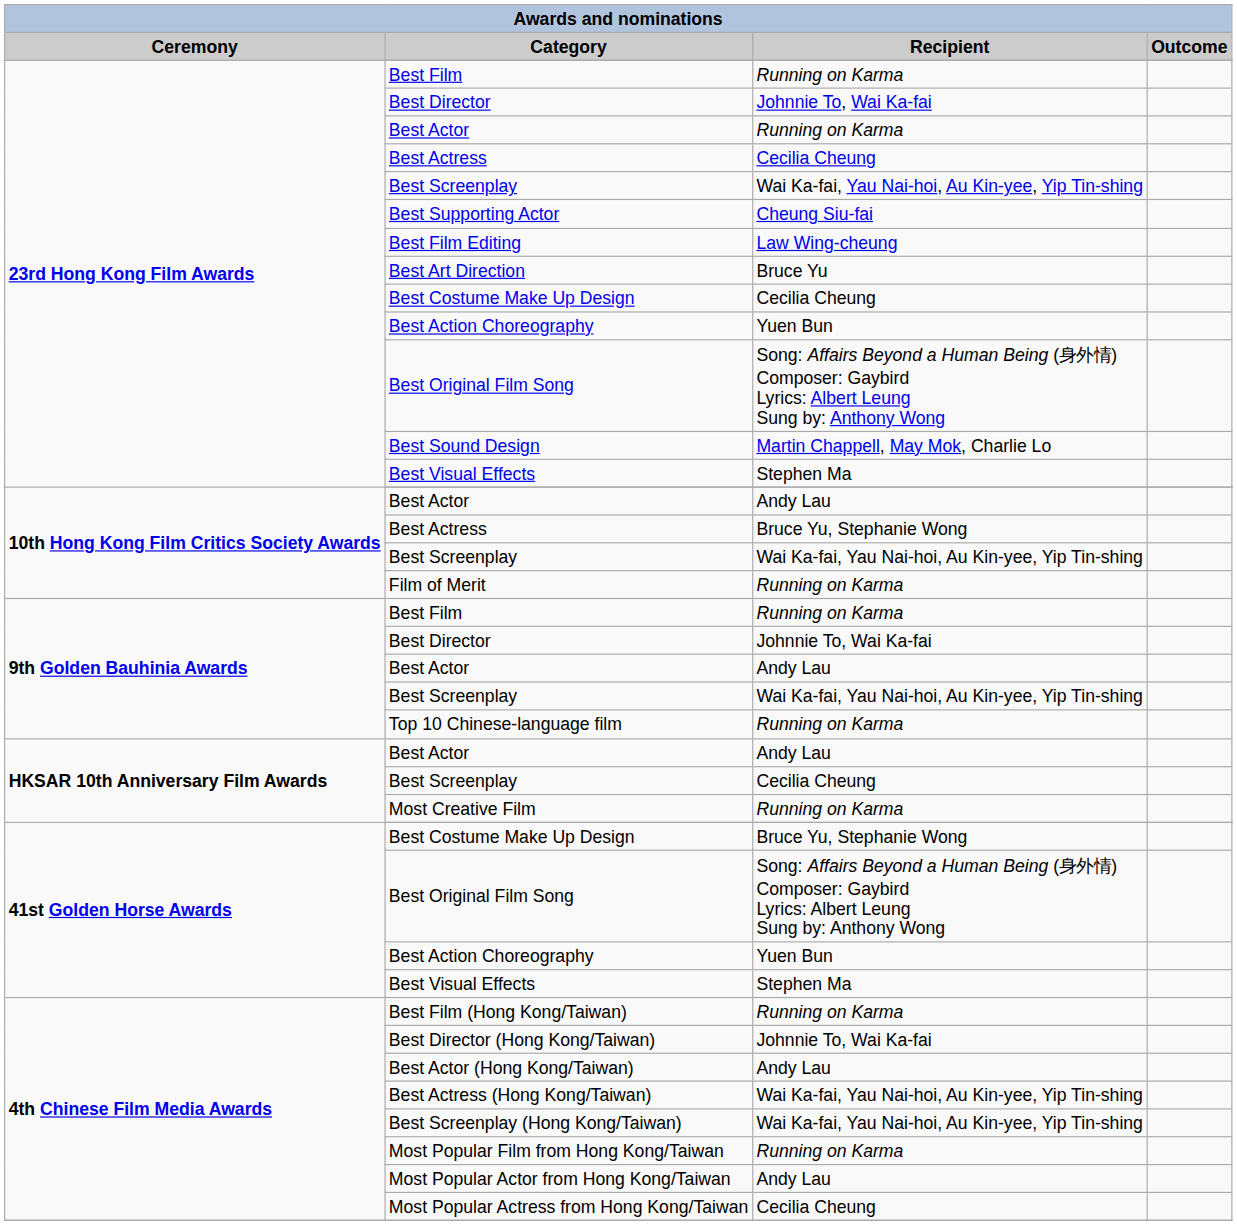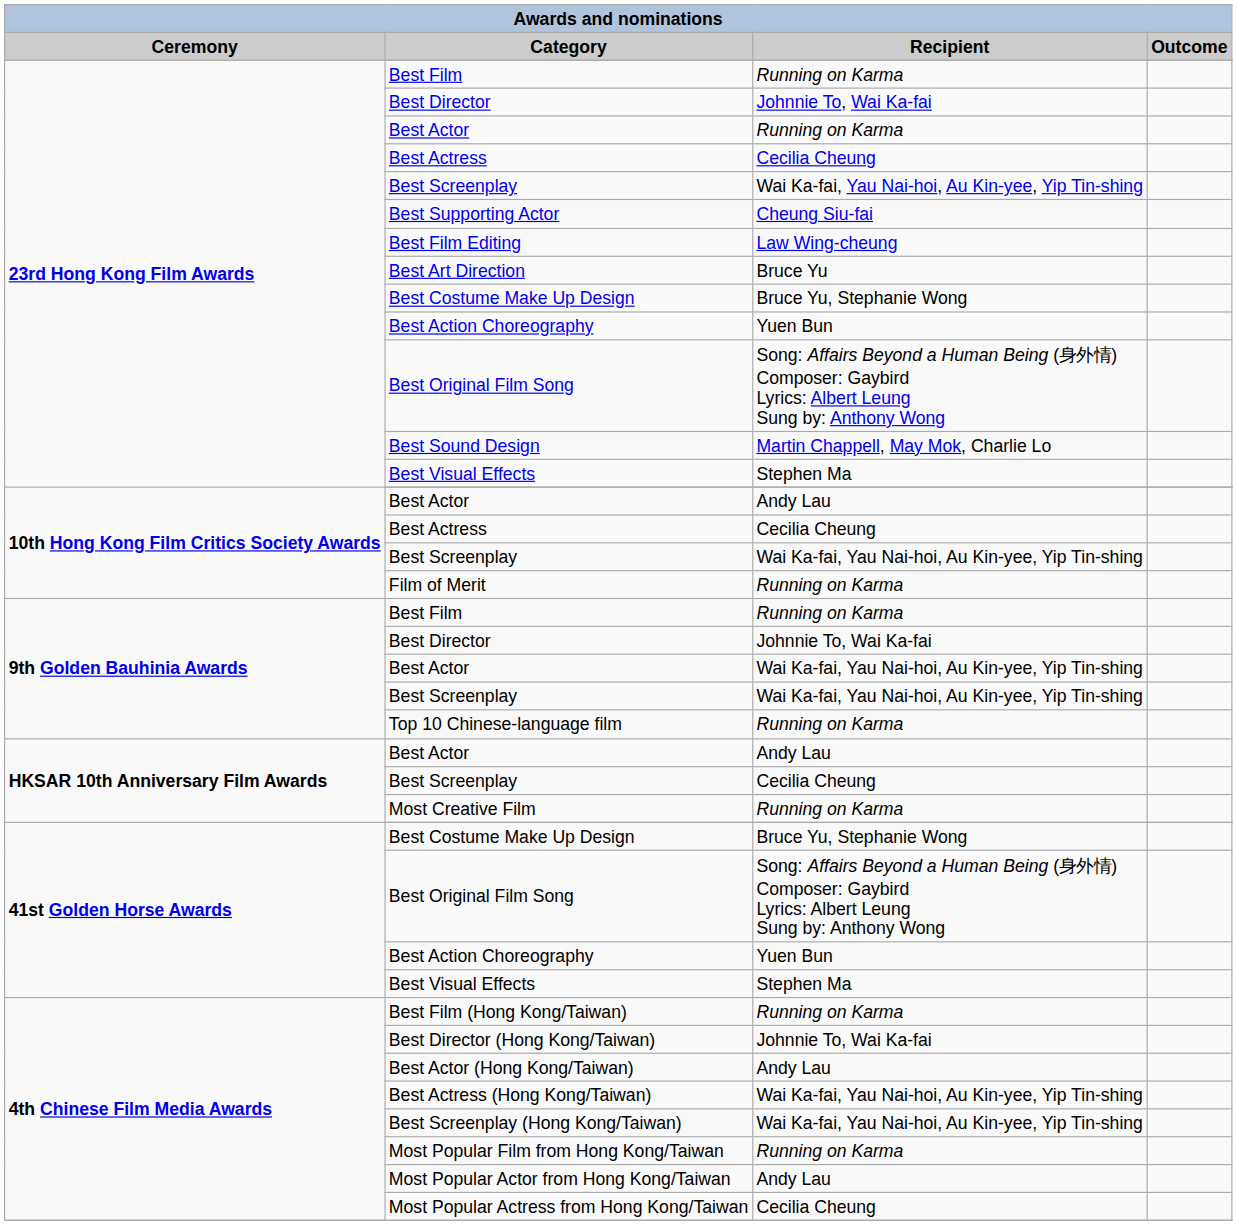 <table class="wikitable" style="font-size:95%;" ;>
 <tr style="background:#ccc; text-align:center;">
 <th colspan="4" style="background: LightSteelBlue;">Awards and nominations</th>
 </tr>
 <tr style="background:#ccc; text-align:center;">
 <th style="background:#ccc">Ceremony</th>
 <th style="background:#ccc">Category</th>
 <th style="background:#ccc">Recipient</th>
 <th style="background:#ccc">Outcome</th>
 </tr>
 <tr>
 <td rowspan=14><strong><a href='#'>23rd Hong Kong Film Awards</a></strong></td>
 </tr>
 <tr>
 <td><a href='#'>Best Film</a></td>
 <td><em>Running on Karma</em></td>
 <td></td>
 </tr>
 <tr>
 <td><a href='#'>Best Director</a></td>
 <td><a href='#'>Johnnie To</a>, <a href='#'>Wai Ka-fai</a></td>
 <td></td>
 </tr>
 <tr>
 <td><a href='#'>Best Actor</a></td>
 <td><em>Running on Karma</em></td>
 <td></td>
 </tr>
 <tr>
 <td><a href='#'>Best Actress</a></td>
 <td><a href='#'>Cecilia Cheung</a></td>
 <td></td>
 </tr>
 <tr>
 <td><a href='#'>Best Screenplay</a></td>
 <td>Wai Ka-fai, <a href='#'>Yau Nai-hoi</a>, <a href='#'>Au Kin-yee</a>, <a href='#'>Yip Tin-shing</a></td>
 <td></td>
 </tr>
 <tr>
 <td><a href='#'>Best Supporting Actor</a></td>
 <td><a href='#'>Cheung Siu-fai</a></td>
 <td></td>
 </tr>
 <tr>
 <td><a href='#'>Best Film Editing</a></td>
 <td><a href='#'>Law Wing-cheung</a></td>
 <td></td>
 </tr>
 <tr>
 <td><a href='#'>Best Art Direction</a></td>
 <td>Bruce Yu</td>
 <td></td>
 </tr>
 <tr>
 <td><a href='#'>Best Costume Make Up Design</a></td>
-<td>Cecilia Cheung</td>
+<td>Bruce Yu, Stephanie Wong</td>
 <td></td>
 </tr>
 <tr>
 <td><a href='#'>Best Action Choreography</a></td>
 <td>Yuen Bun</td>
 <td></td>
 </tr>
 <tr>
 <td><a href='#'>Best Original Film Song</a></td>
 <td>Song: <em>Affairs Beyond a Human Being</em> (身外情)<br>Composer: Gaybird <br>Lyrics: <a href='#'>Albert Leung</a> <br>Sung by: <a href='#'>Anthony Wong</a></td>
 <td></td>
 </tr>
 <tr>
 <td><a href='#'>Best Sound Design</a></td>
 <td><a href='#'>Martin Chappell</a>, <a href='#'>May Mok</a>, Charlie Lo</td>
 <td></td>
 </tr>
 <tr>
 <td><a href='#'>Best Visual Effects</a></td>
 <td>Stephen Ma</td>
 <td></td>
 </tr>
 <tr>
 <td rowspan=5><strong>10th <a href='#'>Hong Kong Film Critics Society Awards</a></strong></td>
 </tr>
 <tr>
 <td>Best Actor</td>
 <td>Andy Lau</td>
 <td></td>
 </tr>
 <tr>
 <td>Best Actress</td>
-<td>Bruce Yu, Stephanie Wong</td>
+<td>Cecilia Cheung</td>
 <td></td>
 </tr>
 <tr>
 <td>Best Screenplay</td>
 <td>Wai Ka-fai, Yau Nai-hoi, Au Kin-yee, Yip Tin-shing</td>
 <td></td>
 </tr>
 <tr>
 <td>Film of Merit</td>
 <td><em>Running on Karma</em></td>
 <td></td>
 </tr>
 <tr>
 <td rowspan=5><strong>9th <a href='#'>Golden Bauhinia Awards</a></strong></td>
 <td>Best Film</td>
 <td><em>Running on Karma</em></td>
 <td></td>
 </tr>
 <tr>
 <td>Best Director</td>
 <td>Johnnie To, Wai Ka-fai</td>
 <td></td>
 </tr>
 <tr>
 <td>Best Actor</td>
-<td>Andy Lau</td>
+<td>Wai Ka-fai, Yau Nai-hoi, Au Kin-yee, Yip Tin-shing</td>
 <td></td>
 </tr>
 <tr>
 <td>Best Screenplay</td>
 <td>Wai Ka-fai, Yau Nai-hoi, Au Kin-yee, Yip Tin-shing</td>
 <td></td>
 </tr>
 <tr>
 <td>Top 10 Chinese-language film</td>
 <td><em>Running on Karma</em></td>
 <td></td>
 </tr>
 <tr>
 <td rowspan=3><strong>HKSAR 10th Anniversary Film Awards</strong></td>
 <td>Best Actor</td>
 <td>Andy Lau</td>
 <td></td>
 </tr>
 <tr>
 <td>Best Screenplay</td>
 <td>Cecilia Cheung</td>
 <td></td>
 </tr>
 <tr>
 <td>Most Creative Film</td>
 <td><em>Running on Karma</em></td>
 <td></td>
 </tr>
 <tr>
 <td rowspan=5><strong>41st <a href='#'>Golden Horse Awards</a></strong></td>
 </tr>
 <tr>
 <td>Best Costume Make Up Design</td>
 <td>Bruce Yu, Stephanie Wong</td>
 <td></td>
 </tr>
 <tr>
 <td>Best Original Film Song</td>
 <td>Song: <em>Affairs Beyond a Human Being</em> (身外情)<br>Composer: Gaybird <br>Lyrics: Albert Leung <br>Sung by: Anthony Wong</td>
 <td></td>
 </tr>
 <tr>
 <td>Best Action Choreography</td>
 <td>Yuen Bun</td>
 <td></td>
 </tr>
 <tr>
 <td>Best Visual Effects</td>
 <td>Stephen Ma</td>
 <td></td>
 </tr>
 <tr>
 <td rowspan=8><strong>4th <a href='#'>Chinese Film Media Awards</a></strong></td>
 <td>Best Film (Hong Kong/Taiwan)</td>
 <td><em>Running on Karma</em></td>
 <td></td>
 </tr>
 <tr>
 <td>Best Director (Hong Kong/Taiwan)</td>
 <td>Johnnie To, Wai Ka-fai</td>
 <td></td>
 </tr>
 <tr>
 <td>Best Actor (Hong Kong/Taiwan)</td>
 <td>Andy Lau</td>
 <td></td>
 </tr>
 <tr>
 <td>Best Actress (Hong Kong/Taiwan)</td>
 <td>Wai Ka-fai, Yau Nai-hoi, Au Kin-yee, Yip Tin-shing</td>
 <td></td>
 </tr>
 <tr>
 <td>Best Screenplay (Hong Kong/Taiwan)</td>
 <td>Wai Ka-fai, Yau Nai-hoi, Au Kin-yee, Yip Tin-shing</td>
 <td></td>
 </tr>
 <tr>
 <td>Most Popular Film from Hong Kong/Taiwan</td>
 <td><em>Running on Karma</em></td>
 <td></td>
 </tr>
 <tr>
 <td>Most Popular Actor from Hong Kong/Taiwan</td>
 <td>Andy Lau</td>
 <td></td>
 </tr>
 <tr>
 <td>Most Popular Actress from Hong Kong/Taiwan</td>
 <td>Cecilia Cheung</td>
 <td></td>
 </tr>
 <tr>
 </tr>
 </table>
